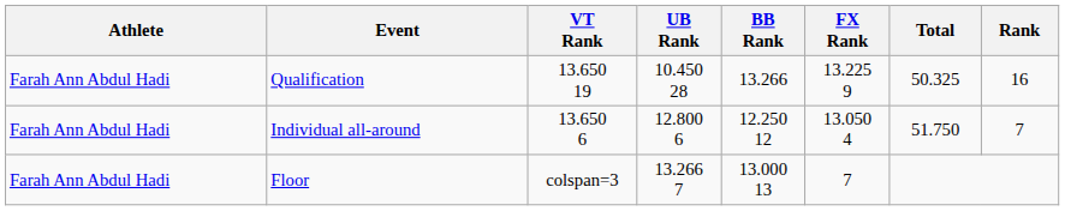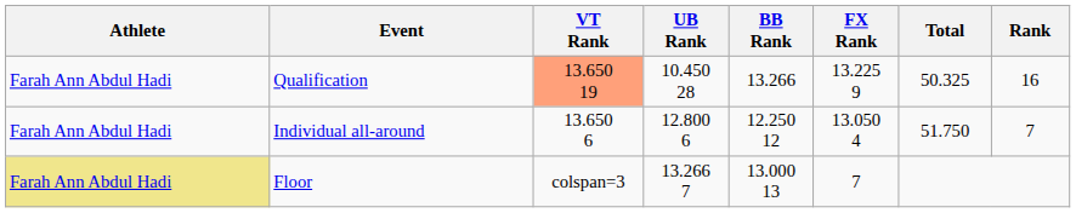 <table class="wikitable" width="68%" style="text-align:center; font-size:90%">
 <tr>
 <th width="15%">Athlete</th>
 <th width="15%">Event</th>
 <th width="4%"><a href='#'>VT</a><br>Rank</th>
 <th width="4%"><a href='#'>UB</a><br>Rank</th>
 <th width="4%"><a href='#'>BB</a><br>Rank</th>
 <th width="4%"><a href='#'>FX</a><br>Rank</th>
 <th width="5%">Total</th>
 <th width="4%">Rank</th>
 </tr>
 <tr>
 <td align="left"><a href='#'>Farah Ann Abdul Hadi</a></td>
 <td align="left"><a href='#'>Qualification</a></td>
-<td>13.650<br>19</td>
+<td style="background: lightsalmon;">13.650<br>19</td>
 <td>10.450<br>28</td>
 <td>13.266</td>
 <td>13.225<br>9 <strong></strong></td>
 <td>50.325</td>
 <td>16 <strong></strong></td>
 </tr>
 <tr>
 <td align="left"><a href='#'>Farah Ann Abdul Hadi</a></td>
 <td align="left"><a href='#'>Individual all-around</a></td>
 <td>13.650<br>6</td>
 <td>12.800<br>6</td>
 <td>12.250<br>12</td>
 <td>13.050<br>4</td>
 <td>51.750</td>
 <td>7</td>
 </tr>
 <tr>
-<td align="left"><a href='#'>Farah Ann Abdul Hadi</a></td>
+<td align="left" style="background: khaki;"><a href='#'>Farah Ann Abdul Hadi</a></td>
 <td align="left"><a href='#'>Floor</a></td>
 <td>colspan=3 </td>
 <td>13.266<br>7</td>
 <td>13.000<br>13</td>
 <td>7</td>
 </tr>
 </table>
